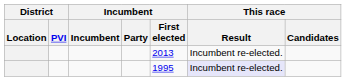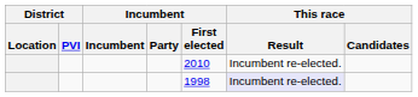 <table class="wikitable sortable">
 <tr valign=bottom>
 <th colspan=2>District</th>
 <th colspan=3>Incumbent</th>
 <th colspan=2>This race</th>
 </tr>
 <tr valign=bottom>
 <th>Location</th>
 <th><a href='#'>PVI</a></th>
 <th>Incumbent</th>
 <th>Party</th>
 <th>First<br>elected</th>
 <th>Result</th>
 <th>Candidates</th>
 </tr>
 <tr>
 <th></th>
 <td></td>
 <td></td>
 <td></td>
-<td><a href='#'>2013</a></td>
+<td><a href='#'>2010</a></td>
 <td>Incumbent re-elected.</td>
 <td nowrap></td>
 </tr>
 <tr>
 <th></th>
 <td></td>
 <td></td>
 <td></td>
-<td><a href='#'>1995</a></td>
+<td><a href='#'>1998</a></td>
 <td style="background: lavender;">Incumbent re-elected.</td>
 <td nowrap></td>
 </tr>
 </table>
